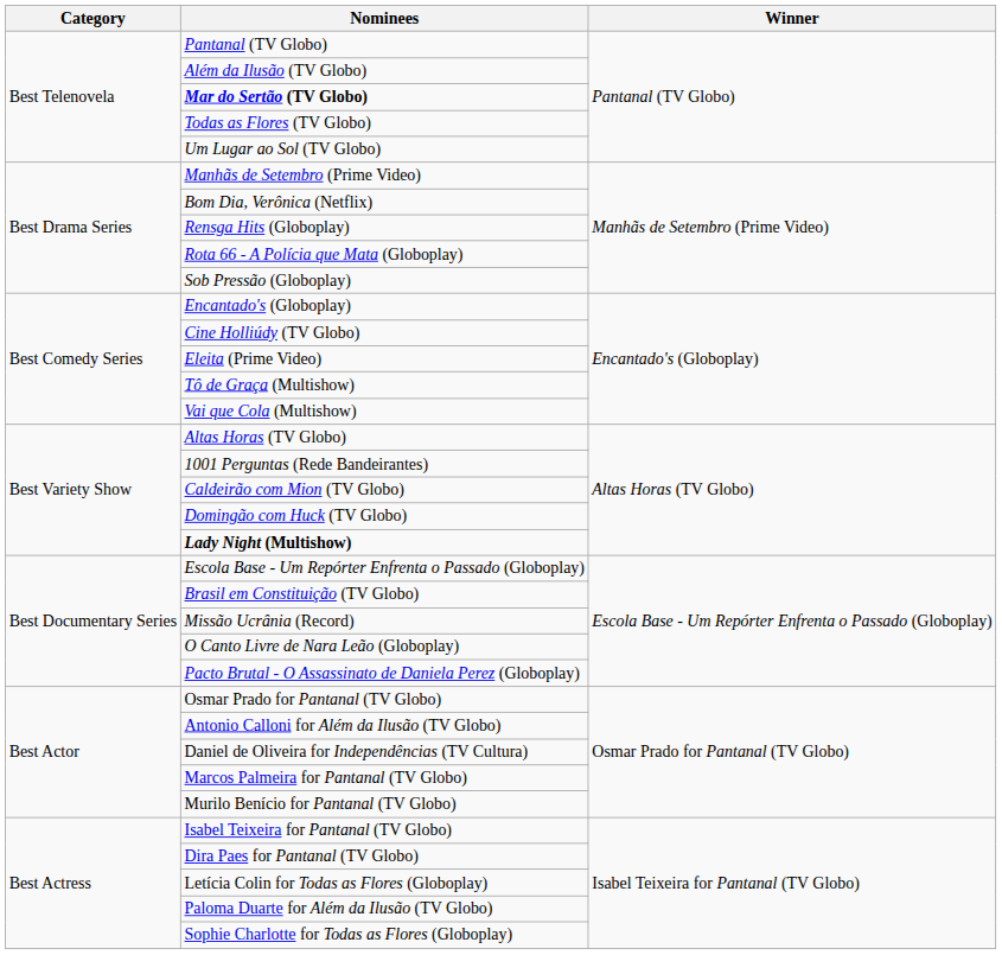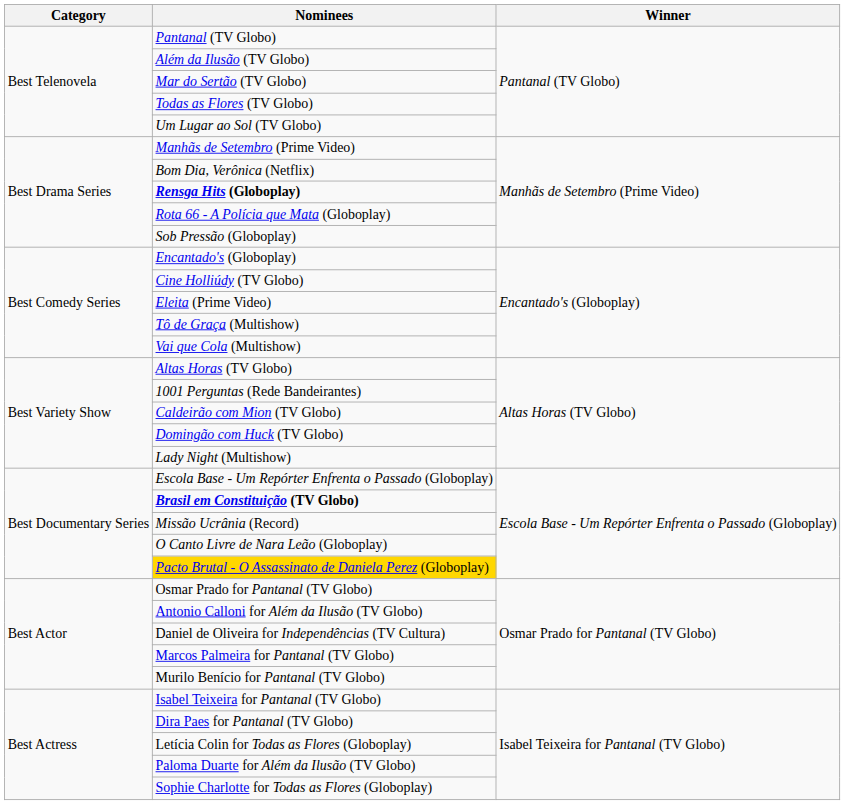 <table class="wikitable">
 <tr>
 <th>Category</th>
 <th>Nominees</th>
 <th>Winner</th>
 </tr>
 <tr>
 <td rowspan="5">Best Telenovela</td>
 <td><em><a href='#'>Pantanal</a></em> (TV Globo)</td>
 <td rowspan="5"><em>Pantanal</em> (TV Globo)</td>
 </tr>
 <tr>
 <td><em><a href='#'>Além da Ilusão</a></em> (TV Globo)</td>
 </tr>
 <tr>
-<td><strong><em><a href='#'>Mar do Sertão</a></em> (TV Globo)</strong></td>
+<td><em><a href='#'>Mar do Sertão</a></em> (TV Globo)</td>
 </tr>
 <tr>
 <td><em><a href='#'>Todas as Flores</a></em> (TV Globo)</td>
 </tr>
 <tr>
 <td><em>Um Lugar ao Sol</em> (TV Globo)</td>
 </tr>
 <tr>
 <td rowspan="5">Best Drama Series</td>
 <td><em><a href='#'>Manhãs de Setembro</a></em> (Prime Video)</td>
 <td rowspan="5"><em>Manhãs de Setembro</em> (Prime Video)</td>
 </tr>
 <tr>
 <td><em>Bom Dia, Verônica</em> (Netflix)</td>
 </tr>
 <tr>
-<td><em><a href='#'>Rensga Hits</a></em> (Globoplay)</td>
+<td><strong><em><a href='#'>Rensga Hits</a></em> (Globoplay)</strong></td>
 </tr>
 <tr>
 <td><em><a href='#'>Rota 66 - A Polícia que Mata</a></em> (Globoplay)</td>
 </tr>
 <tr>
 <td><em>Sob Pressão</em> (Globoplay)</td>
 </tr>
 <tr>
 <td rowspan="5">Best Comedy Series</td>
 <td><em><a href='#'>Encantado's</a></em> (Globoplay)</td>
 <td rowspan="5"><em>Encantado's</em> (Globoplay)</td>
 </tr>
 <tr>
 <td><em><a href='#'>Cine Holliúdy</a></em> (TV Globo)</td>
 </tr>
 <tr>
 <td><em><a href='#'>Eleita</a></em> (Prime Video)</td>
 </tr>
 <tr>
 <td><em><a href='#'>Tô de Graça</a></em> (Multishow)</td>
 </tr>
 <tr>
 <td><em><a href='#'>Vai que Cola</a></em> (Multishow)</td>
 </tr>
 <tr>
 <td rowspan="5">Best Variety Show</td>
 <td><em><a href='#'>Altas Horas</a></em> (TV Globo)</td>
 <td rowspan="5"><em>Altas Horas</em> (TV Globo)</td>
 </tr>
 <tr>
 <td><em>1001 Perguntas</em> (Rede Bandeirantes)</td>
 </tr>
 <tr>
 <td><em><a href='#'>Caldeirão com Mion</a></em> (TV Globo)</td>
 </tr>
 <tr>
 <td><em><a href='#'>Domingão com Huck</a></em> (TV Globo)</td>
 </tr>
 <tr>
-<td><strong><em>Lady Night</em> (Multishow)</strong></td>
+<td><em>Lady Night</em> (Multishow)</td>
 </tr>
 <tr>
 <td rowspan="5">Best Documentary Series</td>
 <td><em>Escola Base - Um Repórter Enfrenta o Passado</em> (Globoplay)</td>
 <td rowspan="5"><em>Escola Base - Um Repórter Enfrenta o Passado</em> (Globoplay)</td>
 </tr>
 <tr>
-<td><em><a href='#'>Brasil em Constituição</a></em> (TV Globo)</td>
+<td><strong><em><a href='#'>Brasil em Constituição</a></em> (TV Globo)</strong></td>
 </tr>
 <tr>
 <td><em>Missão Ucrânia</em> (Record)</td>
 </tr>
 <tr>
 <td><em>O Canto Livre de Nara Leão</em> (Globoplay)</td>
 </tr>
 <tr>
-<td><em><a href='#'>Pacto Brutal - O Assassinato de Daniela Perez</a></em> (Globoplay)</td>
+<td style="background: gold;"><em><a href='#'>Pacto Brutal - O Assassinato de Daniela Perez</a></em> (Globoplay)</td>
 </tr>
 <tr>
 <td rowspan="5">Best Actor</td>
 <td>Osmar Prado for <em>Pantanal</em> (TV Globo)</td>
 <td rowspan="5">Osmar Prado for <em>Pantanal</em> (TV Globo)</td>
 </tr>
 <tr>
 <td><a href='#'>Antonio Calloni</a> for <em>Além da Ilusão</em> (TV Globo)</td>
 </tr>
 <tr>
 <td>Daniel de Oliveira for <em>Independências</em> (TV Cultura)</td>
 </tr>
 <tr>
 <td><a href='#'>Marcos Palmeira</a> for <em>Pantanal</em> (TV Globo)</td>
 </tr>
 <tr>
 <td>Murilo Benício for <em>Pantanal</em> (TV Globo)</td>
 </tr>
 <tr>
 <td rowspan="5">Best Actress</td>
 <td><a href='#'>Isabel Teixeira</a> for <em>Pantanal</em> (TV Globo)</td>
 <td rowspan="5">Isabel Teixeira for <em>Pantanal</em> (TV Globo)</td>
 </tr>
 <tr>
 <td><a href='#'>Dira Paes</a> for <em>Pantanal</em> (TV Globo)</td>
 </tr>
 <tr>
 <td>Letícia Colin for <em>Todas as Flores</em> (Globoplay)</td>
 </tr>
 <tr>
 <td><a href='#'>Paloma Duarte</a> for <em>Além da Ilusão</em> (TV Globo)</td>
 </tr>
 <tr>
 <td><a href='#'>Sophie Charlotte</a> for <em>Todas as Flores</em> (Globoplay)</td>
 </tr>
 </table>
